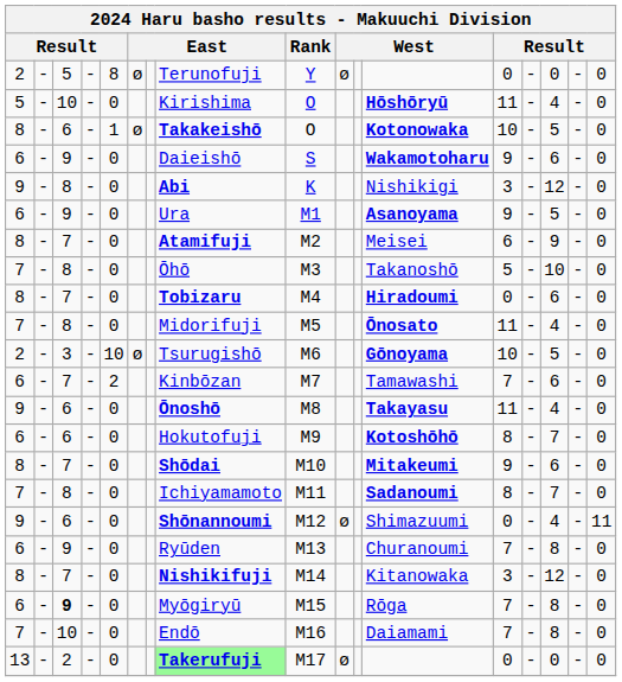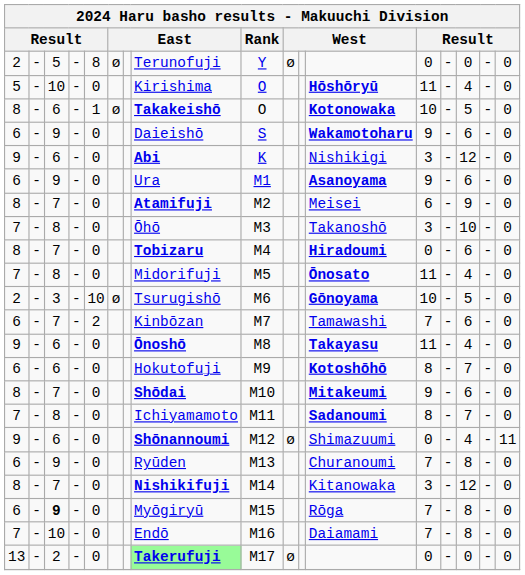 <table class="wikitable" style="text-align:center">
 <tr>
 <th colspan="17">2024 Haru basho results - Makuuchi Division</th>
 </tr>
 <tr>
 <th colspan="5">Result</th>
 <th colspan="3">East</th>
 <th>Rank</th>
 <th colspan="3">West</th>
 <th colspan="5">Result</th>
 </tr>
 <tr>
 <td>2</td>
 <td>-</td>
 <td>5</td>
 <td>-</td>
 <td>8</td>
 <td>ø</td>
 <td></td>
 <td style="text-align:left;"><a href='#'>Terunofuji</a></td>
 <td><a href='#'>Y</a></td>
 <td>ø</td>
 <td></td>
 <td></td>
 <td>0</td>
 <td>-</td>
 <td>0</td>
 <td>-</td>
 <td>0</td>
 </tr>
 <tr>
 <td>5</td>
 <td>-</td>
 <td>10</td>
 <td>-</td>
 <td>0</td>
 <td></td>
 <td></td>
 <td style="text-align:left;"><a href='#'>Kirishima</a></td>
 <td><a href='#'>O</a></td>
 <td></td>
 <td></td>
 <td style="text-align:left;"><strong><a href='#'>Hōshōryū</a></strong></td>
 <td>11</td>
 <td>-</td>
 <td>4</td>
 <td>-</td>
 <td>0</td>
 </tr>
 <tr>
 <td>8</td>
 <td>-</td>
 <td>6</td>
 <td>-</td>
 <td>1</td>
 <td>ø</td>
 <td></td>
 <td style="text-align:left;"><strong><a href='#'>Takakeishō</a></strong></td>
 <td>O</td>
 <td></td>
 <td></td>
 <td style="text-align:left;"><strong><a href='#'>Kotonowaka</a></strong></td>
 <td>10</td>
 <td>-</td>
 <td>5</td>
 <td>-</td>
 <td>0</td>
 </tr>
 <tr>
 <td>6</td>
 <td>-</td>
 <td>9</td>
 <td>-</td>
 <td>0</td>
 <td></td>
 <td></td>
 <td style="text-align:left;"><a href='#'>Daieishō</a></td>
 <td><a href='#'>S</a></td>
 <td></td>
 <td></td>
 <td style="text-align:left;"><strong><a href='#'>Wakamotoharu</a></strong></td>
 <td>9</td>
 <td>-</td>
 <td>6</td>
 <td>-</td>
 <td>0</td>
 </tr>
 <tr>
 <td>9</td>
 <td>-</td>
-<td>8</td>
+<td>6</td>
 <td>-</td>
 <td>0</td>
 <td></td>
 <td></td>
 <td style="text-align:left;"><strong><a href='#'>Abi</a></strong></td>
 <td><a href='#'>K</a></td>
 <td></td>
 <td></td>
 <td style="text-align:left;"><a href='#'>Nishikigi</a></td>
 <td>3</td>
 <td>-</td>
 <td>12</td>
 <td>-</td>
 <td>0</td>
 </tr>
 <tr>
 <td>6</td>
 <td>-</td>
 <td>9</td>
 <td>-</td>
 <td>0</td>
 <td></td>
 <td></td>
 <td style="text-align:left;"><a href='#'>Ura</a></td>
 <td><a href='#'>M1</a></td>
 <td></td>
 <td></td>
 <td style="text-align:left;"><strong><a href='#'>Asanoyama</a></strong></td>
 <td>9</td>
 <td>-</td>
-<td>5</td>
+<td>6</td>
 <td>-</td>
 <td>0</td>
 </tr>
 <tr>
 <td>8</td>
 <td>-</td>
 <td>7</td>
 <td>-</td>
 <td>0</td>
 <td></td>
 <td></td>
 <td style="text-align:left;"><strong><a href='#'>Atamifuji</a></strong></td>
 <td>M2</td>
 <td></td>
 <td></td>
 <td style="text-align:left;"><a href='#'>Meisei</a></td>
 <td>6</td>
 <td>-</td>
 <td>9</td>
 <td>-</td>
 <td>0</td>
 </tr>
 <tr>
 <td>7</td>
 <td>-</td>
 <td>8</td>
 <td>-</td>
 <td>0</td>
 <td></td>
 <td></td>
 <td style="text-align:left;"><a href='#'>Ōhō</a></td>
 <td>M3</td>
 <td></td>
 <td></td>
 <td style="text-align:left;"><a href='#'>Takanoshō</a></td>
-<td>5</td>
+<td>3</td>
 <td>-</td>
 <td>10</td>
 <td>-</td>
 <td>0</td>
 </tr>
 <tr>
 <td>8</td>
 <td>-</td>
 <td>7</td>
 <td>-</td>
 <td>0</td>
 <td></td>
 <td></td>
 <td style="text-align:left;"><strong><a href='#'>Tobizaru</a></strong></td>
 <td>M4</td>
 <td></td>
 <td></td>
 <td style="text-align:left;"><strong><a href='#'>Hiradoumi</a></strong></td>
 <td>0</td>
 <td>-</td>
 <td>6</td>
 <td>-</td>
 <td>0</td>
 </tr>
 <tr>
 <td>7</td>
 <td>-</td>
 <td>8</td>
 <td>-</td>
 <td>0</td>
 <td></td>
 <td></td>
 <td style="text-align:left;"><a href='#'>Midorifuji</a></td>
 <td>M5</td>
 <td></td>
 <td></td>
 <td style="text-align:left;"><strong><a href='#'>Ōnosato</a></strong></td>
 <td>11</td>
 <td>-</td>
 <td>4</td>
 <td>-</td>
 <td>0</td>
 </tr>
 <tr>
 <td>2</td>
 <td>-</td>
 <td>3</td>
 <td>-</td>
 <td>10</td>
 <td>ø</td>
 <td></td>
 <td style="text-align:left;"><a href='#'>Tsurugishō</a></td>
 <td>M6</td>
 <td></td>
 <td></td>
 <td style="text-align:left;"><strong><a href='#'>Gōnoyama</a></strong></td>
 <td>10</td>
 <td>-</td>
 <td>5</td>
 <td>-</td>
 <td>0</td>
 </tr>
 <tr>
 <td>6</td>
 <td>-</td>
 <td>7</td>
 <td>-</td>
 <td>2</td>
 <td></td>
 <td></td>
 <td style="text-align:left;"><a href='#'>Kinbōzan</a></td>
 <td>M7</td>
 <td></td>
 <td></td>
 <td style="text-align:left;"><a href='#'>Tamawashi</a></td>
 <td>7</td>
 <td>-</td>
 <td>6</td>
 <td>-</td>
 <td>0</td>
 </tr>
 <tr>
 <td>9</td>
 <td>-</td>
 <td>6</td>
 <td>-</td>
 <td>0</td>
 <td></td>
 <td></td>
 <td style="text-align:left;"><strong><a href='#'>Ōnoshō</a></strong></td>
 <td>M8</td>
 <td></td>
 <td></td>
 <td style="text-align:left;"><strong><a href='#'>Takayasu</a></strong></td>
 <td>11</td>
 <td>-</td>
 <td>4</td>
 <td>-</td>
 <td>0</td>
 </tr>
 <tr>
 <td>6</td>
 <td>-</td>
 <td>6</td>
 <td>-</td>
 <td>0</td>
 <td></td>
 <td></td>
 <td style="text-align:left;"><a href='#'>Hokutofuji</a></td>
 <td>M9</td>
 <td></td>
 <td></td>
 <td style="text-align:left;"><strong><a href='#'>Kotoshōhō</a></strong></td>
 <td>8</td>
 <td>-</td>
 <td>7</td>
 <td>-</td>
 <td>0</td>
 </tr>
 <tr>
 <td>8</td>
 <td>-</td>
 <td>7</td>
 <td>-</td>
 <td>0</td>
 <td></td>
 <td></td>
 <td style="text-align:left;"><strong><a href='#'>Shōdai</a></strong></td>
 <td>M10</td>
 <td></td>
 <td></td>
 <td style="text-align:left;"><strong><a href='#'>Mitakeumi</a></strong></td>
 <td>9</td>
 <td>-</td>
 <td>6</td>
 <td>-</td>
 <td>0</td>
 </tr>
 <tr>
 <td>7</td>
 <td>-</td>
 <td>8</td>
 <td>-</td>
 <td>0</td>
 <td></td>
 <td></td>
 <td style="text-align:left;"><a href='#'>Ichiyamamoto</a></td>
 <td>M11</td>
 <td></td>
 <td></td>
 <td style="text-align:left;"><strong><a href='#'>Sadanoumi</a></strong></td>
 <td>8</td>
 <td>-</td>
 <td>7</td>
 <td>-</td>
 <td>0</td>
 </tr>
 <tr>
 <td>9</td>
 <td>-</td>
 <td>6</td>
 <td>-</td>
 <td>0</td>
 <td></td>
 <td></td>
 <td style="text-align:left;"><strong><a href='#'>Shōnannoumi</a></strong></td>
 <td>M12</td>
 <td>ø</td>
 <td></td>
 <td style="text-align:left;"><a href='#'>Shimazuumi</a></td>
 <td>0</td>
 <td>-</td>
 <td>4</td>
 <td>-</td>
 <td>11</td>
 </tr>
 <tr>
 <td>6</td>
 <td>-</td>
 <td>9</td>
 <td>-</td>
 <td>0</td>
 <td></td>
 <td></td>
 <td style="text-align:left;"><a href='#'>Ryūden</a></td>
 <td>M13</td>
 <td></td>
 <td></td>
 <td style="text-align:left;"><a href='#'>Churanoumi</a></td>
 <td>7</td>
 <td>-</td>
 <td>8</td>
 <td>-</td>
 <td>0</td>
 </tr>
 <tr>
 <td>8</td>
 <td>-</td>
 <td>7</td>
 <td>-</td>
 <td>0</td>
 <td></td>
 <td></td>
 <td style="text-align:left;"><strong><a href='#'>Nishikifuji</a></strong></td>
 <td>M14</td>
 <td></td>
 <td></td>
 <td style="text-align:left;"><a href='#'>Kitanowaka</a></td>
 <td>3</td>
 <td>-</td>
 <td>12</td>
 <td>-</td>
 <td>0</td>
 </tr>
 <tr>
 <td>6</td>
 <td>-</td>
 <td><strong>9</strong></td>
 <td>-</td>
 <td>0</td>
 <td></td>
 <td></td>
 <td style="text-align:left;"><a href='#'>Myōgiryū</a></td>
 <td>M15</td>
 <td></td>
 <td></td>
 <td style="text-align:left;"><a href='#'>Rōga</a></td>
 <td>7</td>
 <td>-</td>
 <td>8</td>
 <td>-</td>
 <td>0</td>
 </tr>
 <tr>
 <td>7</td>
 <td>-</td>
 <td>10</td>
 <td>-</td>
 <td>0</td>
 <td></td>
 <td></td>
 <td style="text-align:left;"><a href='#'>Endō</a></td>
 <td>M16</td>
 <td></td>
 <td></td>
 <td style="text-align:left;"><a href='#'>Daiamami</a></td>
 <td>7</td>
 <td>-</td>
 <td>8</td>
 <td>-</td>
 <td>0</td>
 </tr>
 <tr>
 <td>13</td>
 <td>-</td>
 <td>2</td>
 <td>-</td>
 <td>0</td>
 <td></td>
 <td></td>
 <td style="text-align:left;background: PaleGreen;"><strong><a href='#'>Takerufuji</a></strong></td>
 <td>M17</td>
 <td>ø</td>
 <td></td>
 <td></td>
 <td>0</td>
 <td>-</td>
 <td>0</td>
 <td>-</td>
 <td>0</td>
 </tr>
 <tr>
 </tr>
 </table>
